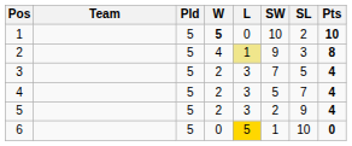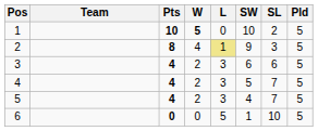 <table class="wikitable" style="text-align: center;">
 <tr>
 <th width="30">Pos</th>
 <th width="180">Team</th>
-<th width="30">Pld</th>
+<th width="30">Pts</th>
 <th width="30">W</th>
 <th width="30">L</th>
 <th width="30">SW</th>
 <th width="30">SL</th>
-<th width="30">Pts</th>
+<th width="30">Pld</th>
 </tr>
 <tr>
 <td>1</td>
 <td align="left"></td>
-<td>5</td>
+<td><strong>10</strong></td>
 <td><strong>5</strong></td>
 <td>0</td>
 <td>10</td>
 <td>2</td>
-<td><strong>10</strong></td>
+<td>5</td>
 </tr>
 <tr>
 <td>2</td>
 <td align="left"></td>
-<td>5</td>
+<td><strong>8</strong></td>
 <td>4</td>
 <td style="background: khaki;">1</td>
 <td>9</td>
 <td>3</td>
-<td><strong>8</strong></td>
+<td>5</td>
 </tr>
 <tr>
 <td>3</td>
 <td align="left"></td>
-<td>5</td>
+<td><strong>4</strong></td>
 <td>2</td>
 <td>3</td>
-<td>7</td>
+<td>6</td>
+<td>6</td>
 <td>5</td>
-<td><strong>4</strong></td>
 </tr>
 <tr>
 <td>4</td>
 <td align="left"></td>
-<td>5</td>
+<td><strong>4</strong></td>
 <td>2</td>
 <td>3</td>
 <td>5</td>
 <td>7</td>
-<td><strong>4</strong></td>
+<td>5</td>
 </tr>
 <tr>
 <td>5</td>
 <td align="left"></td>
-<td>5</td>
+<td><strong>4</strong></td>
 <td>2</td>
 <td>3</td>
-<td>2</td>
-<td>9</td>
-<td><strong>4</strong></td>
+<td>4</td>
+<td>7</td>
+<td>5</td>
 </tr>
 <tr>
 <td>6</td>
 <td align="left"></td>
+<td><strong>0</strong></td>
+<td>0</td>
 <td>5</td>
-<td>0</td>
-<td style="background: gold;">5</td>
 <td>1</td>
 <td>10</td>
-<td><strong>0</strong></td>
+<td>5</td>
 </tr>
 </table>
